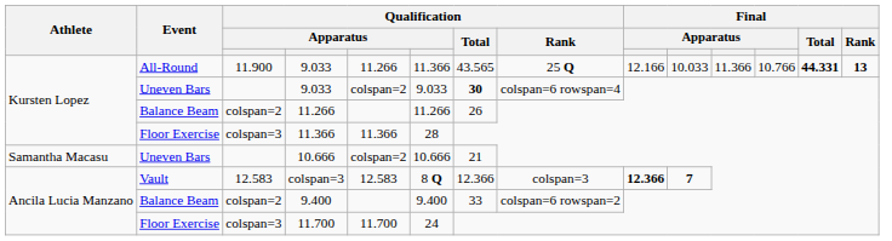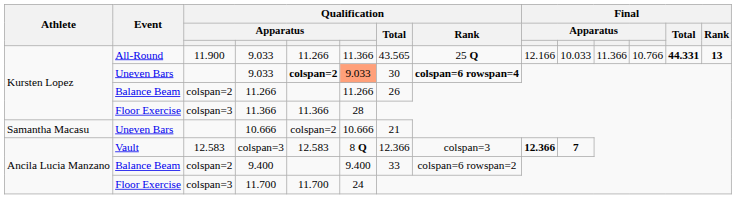 <table class="wikitable" style="font-size:90%">
 <tr>
 <th rowspan=3>Athlete</th>
 <th rowspan=3>Event</th>
 <th colspan=6>Qualification</th>
 <th colspan=6>Final</th>
 </tr>
 <tr style="font-size:95%">
 <th colspan=4>Apparatus</th>
 <th rowspan=2>Total</th>
 <th rowspan=2>Rank</th>
 <th colspan=4>Apparatus</th>
 <th rowspan=2>Total</th>
 <th rowspan=2>Rank</th>
 </tr>
 <tr style="font-size:95%">
 <th></th>
 <th></th>
 <th></th>
 <th></th>
 <th></th>
 <th></th>
 <th></th>
 <th></th>
 </tr>
 <tr align=center>
 <td align=left rowspan=4>Kursten Lopez</td>
 <td align=left><a href='#'>All-Round</a></td>
 <td>11.900</td>
 <td>9.033</td>
 <td>11.266</td>
 <td>11.366</td>
 <td>43.565</td>
 <td>25 <strong>Q</strong></td>
 <td>12.166</td>
 <td>10.033</td>
 <td>11.366</td>
 <td>10.766</td>
 <td><strong>44.331</strong></td>
 <td><strong>13</strong></td>
 </tr>
 <tr align=center>
 <td align=left><a href='#'>Uneven Bars</a></td>
 <td></td>
 <td>9.033</td>
-<td>colspan=2 </td>
-<td>9.033</td>
-<td><strong>30</strong></td>
-<td>colspan=6 rowspan=4 </td>
+<td><strong>colspan=2 </strong></td>
+<td style="background: lightsalmon;">9.033</td>
+<td>30</td>
+<td><strong>colspan=6 rowspan=4 </strong></td>
 </tr>
 <tr align=center>
 <td align=left><a href='#'>Balance Beam</a></td>
 <td>colspan=2 </td>
 <td>11.266</td>
 <td></td>
 <td>11.266</td>
 <td>26</td>
 </tr>
 <tr align=center>
 <td align=left><a href='#'>Floor Exercise</a></td>
 <td>colspan=3 </td>
 <td>11.366</td>
 <td>11.366</td>
 <td>28</td>
 </tr>
 <tr align=center>
 <td align=left>Samantha Macasu</td>
 <td align=left><a href='#'>Uneven Bars</a></td>
 <td></td>
 <td>10.666</td>
 <td>colspan=2 </td>
 <td>10.666</td>
 <td>21</td>
 </tr>
 <tr align=center>
 <td align=left rowspan=3>Ancila Lucia Manzano</td>
 <td align=left><a href='#'>Vault</a></td>
 <td>12.583</td>
 <td>colspan=3 </td>
 <td>12.583</td>
 <td>8 <strong>Q</strong></td>
 <td>12.366</td>
 <td>colspan=3 </td>
 <td><strong>12.366</strong></td>
 <td><strong>7</strong></td>
 </tr>
 <tr align=center>
 <td align=left><a href='#'>Balance Beam</a></td>
 <td>colspan=2 </td>
 <td>9.400</td>
 <td></td>
 <td>9.400</td>
 <td>33</td>
 <td>colspan=6 rowspan=2 </td>
 </tr>
 <tr align=center>
 <td align=left><a href='#'>Floor Exercise</a></td>
 <td>colspan=3 </td>
 <td>11.700</td>
 <td>11.700</td>
 <td>24</td>
 </tr>
 </table>
